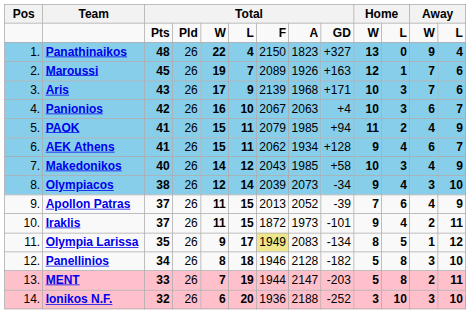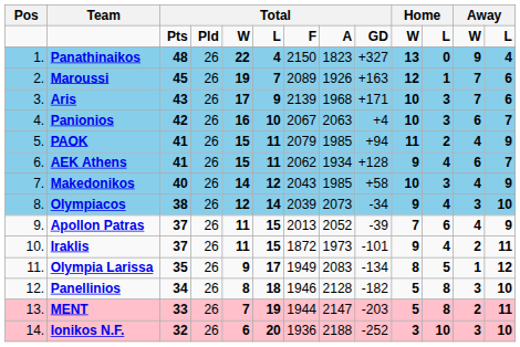 <table class="wikitable" style="text-align: right;">
 <tr>
 <th width="44">Pos</th>
 <th width="128">Team</th>
 <th colspan=7>Total</th>
 <th colspan=2>Home</th>
 <th colspan=2>Away</th>
 </tr>
 <tr>
 <td></td>
 <td></td>
 <td width="30"><strong>Pts</strong></td>
 <td width="30"><strong>Pld</strong></td>
 <td width="30"><strong>W</strong></td>
 <td width="30"><strong>L</strong></td>
 <td width="30"><strong>F</strong></td>
 <td width="30"><strong>A</strong></td>
 <td width="30"><strong>GD</strong></td>
 <td width="30"><strong>W</strong></td>
 <td width="30"><strong>L</strong></td>
 <td width="30"><strong>W</strong></td>
 <td width="30"><strong>L</strong></td>
 </tr>
 <tr bgcolor="87ceeb">
 <td>1.</td>
 <td align="left"><strong><a href='#'>Panathinaikos</a></strong></td>
 <td><strong>48</strong></td>
 <td>26</td>
 <td><strong>22</strong></td>
 <td><strong>4</strong></td>
 <td>2150</td>
 <td>1823</td>
 <td>+327</td>
 <td><strong>13</strong></td>
 <td><strong>0</strong></td>
 <td><strong>9</strong></td>
 <td><strong>4</strong></td>
 </tr>
 <tr bgcolor="87ceeb">
 <td>2.</td>
 <td align="left"><strong><a href='#'>Maroussi</a></strong></td>
 <td><strong>45</strong></td>
 <td>26</td>
 <td><strong>19</strong></td>
 <td><strong>7</strong></td>
 <td>2089</td>
 <td>1926</td>
 <td>+163</td>
 <td><strong>12</strong></td>
 <td><strong>1</strong></td>
 <td><strong>7</strong></td>
 <td><strong>6</strong></td>
 </tr>
 <tr bgcolor="87ceeb">
 <td>3.</td>
 <td align="left"><strong><a href='#'>Aris</a></strong></td>
 <td><strong>43</strong></td>
 <td>26</td>
 <td><strong>17</strong></td>
 <td><strong>9</strong></td>
 <td>2139</td>
 <td>1968</td>
 <td>+171</td>
 <td><strong>10</strong></td>
 <td><strong>3</strong></td>
 <td><strong>7</strong></td>
 <td><strong>6</strong></td>
 </tr>
 <tr bgcolor="87ceeb">
 <td>4.</td>
 <td align="left"><strong><a href='#'>Panionios</a></strong></td>
 <td><strong>42</strong></td>
 <td>26</td>
 <td><strong>16</strong></td>
 <td><strong>10</strong></td>
 <td>2067</td>
 <td>2063</td>
 <td>+4</td>
 <td><strong>10</strong></td>
 <td><strong>3</strong></td>
 <td><strong>6</strong></td>
 <td><strong>7</strong></td>
 </tr>
 <tr bgcolor="87ceeb">
 <td>5.</td>
 <td align="left"><strong><a href='#'>PAOK</a></strong></td>
 <td><strong>41</strong></td>
 <td>26</td>
 <td><strong>15</strong></td>
 <td><strong>11</strong></td>
 <td>2079</td>
 <td>1985</td>
 <td>+94</td>
 <td><strong>11</strong></td>
 <td><strong>2</strong></td>
 <td><strong>4</strong></td>
 <td><strong>9</strong></td>
 </tr>
 <tr bgcolor="87ceeb">
 <td>6.</td>
 <td align="left"><strong><a href='#'>AEK Athens</a></strong></td>
 <td><strong>41</strong></td>
 <td>26</td>
 <td><strong>15</strong></td>
 <td><strong>11</strong></td>
 <td>2062</td>
 <td>1934</td>
 <td>+128</td>
 <td><strong>9</strong></td>
 <td><strong>4</strong></td>
 <td><strong>6</strong></td>
 <td><strong>7</strong></td>
 </tr>
 <tr bgcolor="87ceeb">
 <td>7.</td>
 <td align="left"><strong><a href='#'>Makedonikos</a></strong></td>
 <td><strong>40</strong></td>
 <td>26</td>
 <td><strong>14</strong></td>
 <td><strong>12</strong></td>
 <td>2043</td>
 <td>1985</td>
 <td>+58</td>
 <td><strong>10</strong></td>
 <td><strong>3</strong></td>
 <td><strong>4</strong></td>
 <td><strong>9</strong></td>
 </tr>
 <tr bgcolor="87ceeb">
 <td>8.</td>
 <td align="left"><strong><a href='#'>Olympiacos</a></strong></td>
 <td><strong>38</strong></td>
 <td>26</td>
 <td><strong>12</strong></td>
 <td><strong>14</strong></td>
 <td>2039</td>
 <td>2073</td>
 <td>-34</td>
 <td><strong>9</strong></td>
 <td><strong>4</strong></td>
 <td><strong>3</strong></td>
 <td><strong>10</strong></td>
 </tr>
 <tr>
 <td>9.</td>
 <td align="left"><strong><a href='#'>Apollon Patras</a></strong></td>
 <td><strong>37</strong></td>
 <td>26</td>
 <td><strong>11</strong></td>
 <td><strong>15</strong></td>
 <td>2013</td>
 <td>2052</td>
 <td>-39</td>
 <td><strong>7</strong></td>
 <td><strong>6</strong></td>
 <td><strong>4</strong></td>
 <td><strong>9</strong></td>
 </tr>
 <tr>
 <td>10.</td>
 <td align="left"><strong><a href='#'>Iraklis</a></strong></td>
 <td><strong>37</strong></td>
 <td>26</td>
 <td><strong>11</strong></td>
 <td><strong>15</strong></td>
 <td>1872</td>
 <td>1973</td>
 <td>-101</td>
 <td><strong>9</strong></td>
 <td><strong>4</strong></td>
 <td><strong>2</strong></td>
 <td><strong>11</strong></td>
 </tr>
 <tr>
 <td>11.</td>
 <td align="left"><strong><a href='#'>Olympia Larissa</a></strong></td>
 <td><strong>35</strong></td>
 <td>26</td>
 <td><strong>9</strong></td>
 <td><strong>17</strong></td>
-<td style="background: khaki;">1949</td>
+<td>1949</td>
 <td>2083</td>
 <td>-134</td>
 <td><strong>8</strong></td>
 <td><strong>5</strong></td>
 <td><strong>1</strong></td>
 <td><strong>12</strong></td>
 </tr>
 <tr>
 <td>12.</td>
 <td align="left"><strong><a href='#'>Panellinios</a></strong></td>
 <td><strong>34</strong></td>
 <td>26</td>
 <td><strong>8</strong></td>
 <td><strong>18</strong></td>
 <td>1946</td>
 <td>2128</td>
 <td>-182</td>
 <td><strong>5</strong></td>
 <td><strong>8</strong></td>
 <td><strong>3</strong></td>
 <td><strong>10</strong></td>
 </tr>
 <tr bgcolor="ffc0cb">
 <td>13.</td>
 <td align="left"><strong><a href='#'>MENT</a></strong></td>
 <td><strong>33</strong></td>
 <td>26</td>
 <td><strong>7</strong></td>
 <td><strong>19</strong></td>
 <td>1944</td>
 <td>2147</td>
 <td>-203</td>
 <td><strong>5</strong></td>
 <td><strong>8</strong></td>
 <td><strong>2</strong></td>
 <td><strong>11</strong></td>
 </tr>
 <tr bgcolor="ffc0cb">
 <td>14.</td>
 <td align="left"><strong><a href='#'>Ionikos N.F.</a></strong></td>
 <td><strong>32</strong></td>
 <td>26</td>
 <td><strong>6</strong></td>
 <td><strong>20</strong></td>
 <td>1936</td>
 <td>2188</td>
 <td>-252</td>
 <td><strong>3</strong></td>
 <td><strong>10</strong></td>
 <td><strong>3</strong></td>
 <td><strong>10</strong></td>
 </tr>
 </table>
